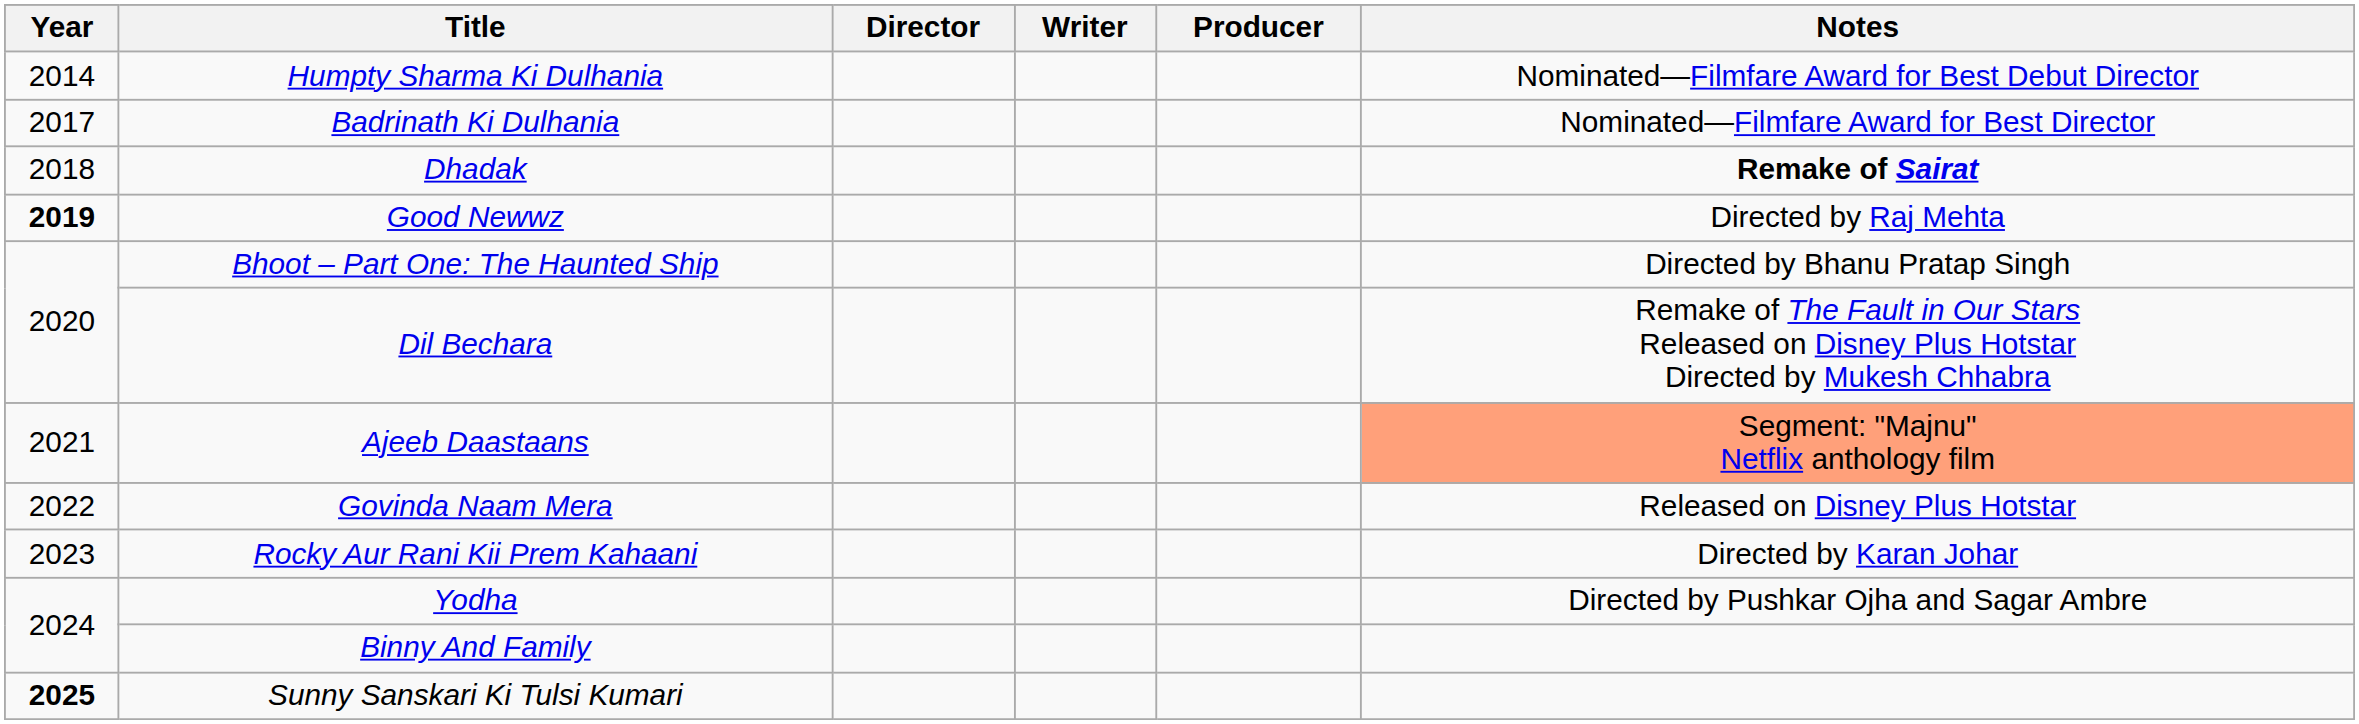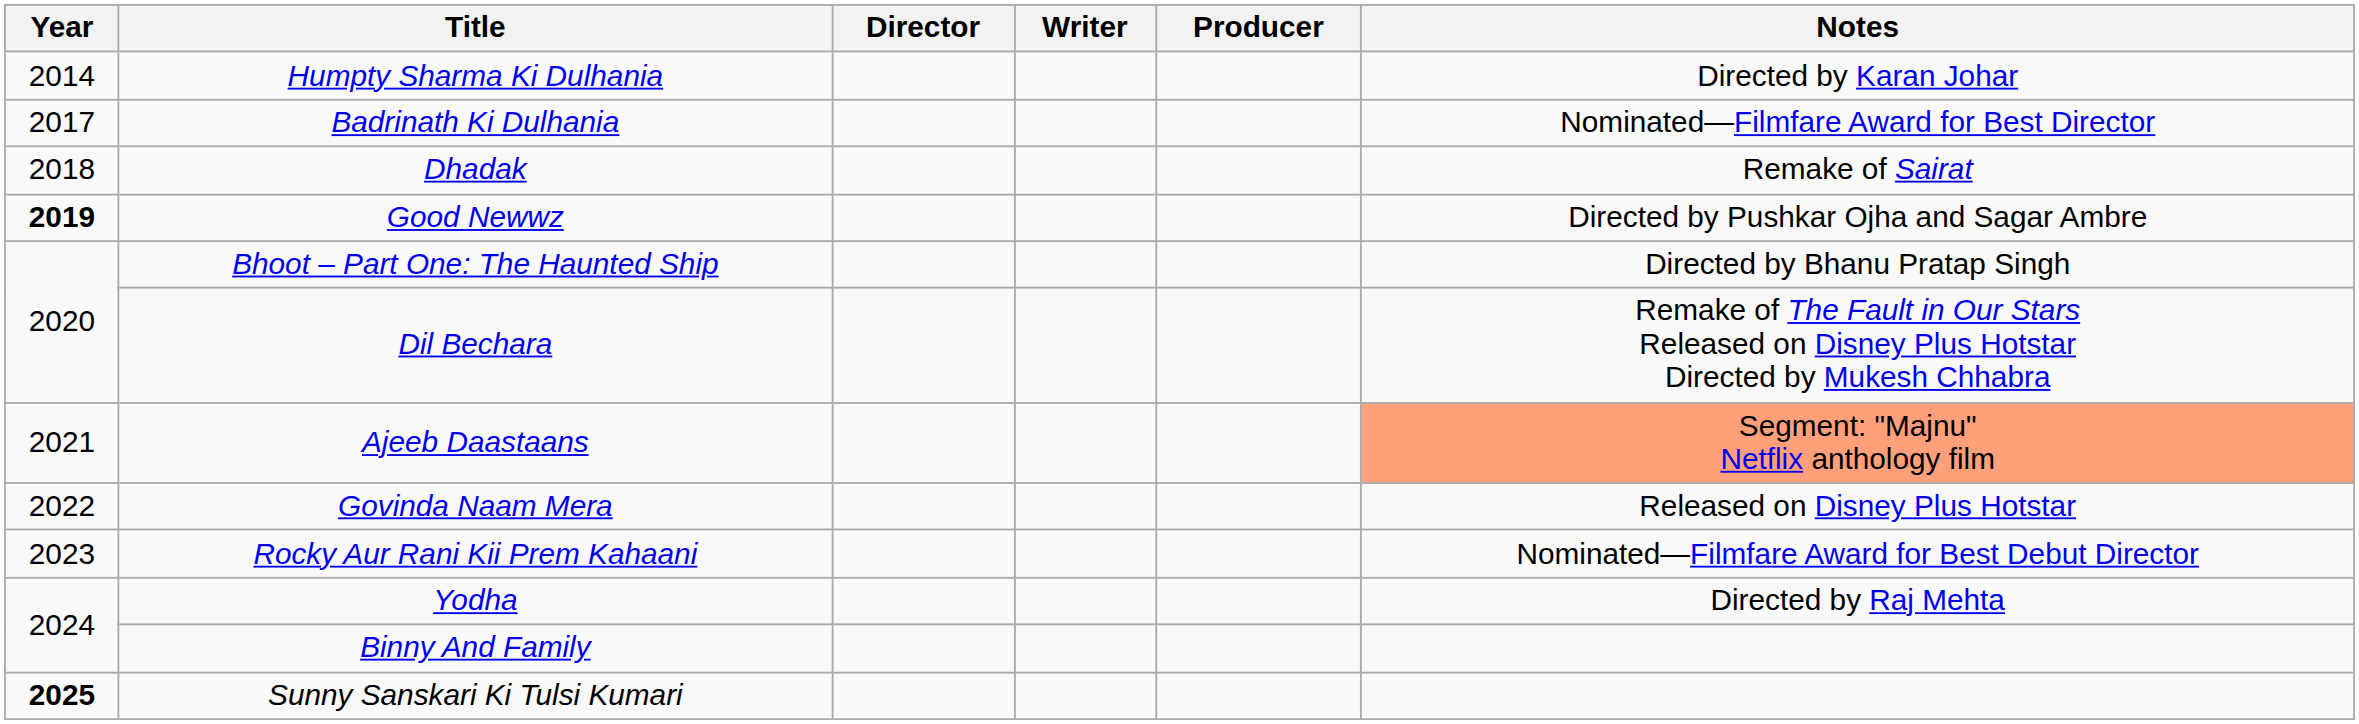 <table class="wikitable" sortable" style="width: 100%; text-align: center;">
 <tr>
 <th>Year</th>
 <th>Title</th>
 <th>Director</th>
 <th>Writer</th>
 <th>Producer</th>
 <th>Notes</th>
 </tr>
 <tr>
 <td>2014</td>
 <td><em><a href='#'>Humpty Sharma Ki Dulhania</a></em></td>
 <td></td>
 <td></td>
 <td></td>
-<td>Nominated—<a href='#'>Filmfare Award for Best Debut Director</a></td>
+<td>Directed by <a href='#'>Karan Johar</a></td>
 </tr>
 <tr>
 <td>2017</td>
 <td><em><a href='#'>Badrinath Ki Dulhania</a></em></td>
 <td></td>
 <td></td>
 <td></td>
 <td>Nominated—<a href='#'>Filmfare Award for Best Director</a></td>
 </tr>
 <tr>
 <td>2018</td>
 <td><em><a href='#'>Dhadak</a></em></td>
 <td></td>
 <td></td>
 <td></td>
-<td><strong>Remake of <em><a href='#'>Sairat</a></em></strong></td>
+<td>Remake of <em><a href='#'>Sairat</a></em></td>
 </tr>
 <tr>
 <td><strong>2019</strong></td>
 <td><em><a href='#'>Good Newwz</a></em></td>
 <td></td>
 <td></td>
 <td></td>
-<td>Directed by <a href='#'>Raj Mehta</a></td>
+<td>Directed by Pushkar Ojha and Sagar Ambre</td>
 </tr>
 <tr>
 <td rowspan="2">2020</td>
 <td><em><a href='#'>Bhoot – Part One: The Haunted Ship</a></em></td>
 <td></td>
 <td></td>
 <td></td>
 <td>Directed by Bhanu Pratap Singh</td>
 </tr>
 <tr>
 <td><em><a href='#'>Dil Bechara</a></em></td>
 <td></td>
 <td></td>
 <td></td>
 <td>Remake of <em><a href='#'>The Fault in Our Stars</a></em> <br>Released on <a href='#'>Disney Plus Hotstar</a> <br> Directed by <a href='#'>Mukesh Chhabra</a></td>
 </tr>
 <tr>
 <td>2021</td>
 <td><em><a href='#'>Ajeeb Daastaans</a></em></td>
 <td></td>
 <td></td>
 <td></td>
 <td style="background: lightsalmon;">Segment: "Majnu"<br> <a href='#'>Netflix</a> anthology film</td>
 </tr>
 <tr>
 <td>2022</td>
 <td><em><a href='#'>Govinda Naam Mera</a></em></td>
 <td></td>
 <td></td>
 <td></td>
 <td>Released on <a href='#'>Disney Plus Hotstar</a></td>
 </tr>
 <tr>
 <td>2023</td>
 <td><em><a href='#'>Rocky Aur Rani Kii Prem Kahaani</a></em></td>
 <td></td>
 <td></td>
 <td></td>
-<td>Directed by <a href='#'>Karan Johar</a></td>
+<td>Nominated—<a href='#'>Filmfare Award for Best Debut Director</a></td>
 </tr>
 <tr>
 <td rowspan="2">2024</td>
 <td><em><a href='#'>Yodha</a></em></td>
 <td></td>
 <td></td>
 <td></td>
-<td>Directed by Pushkar Ojha and Sagar Ambre</td>
+<td>Directed by <a href='#'>Raj Mehta</a></td>
 </tr>
 <tr>
 <td><em><a href='#'>Binny And Family</a></em></td>
 <td></td>
 <td></td>
 <td></td>
 <td></td>
 </tr>
 <tr>
 <td><strong>2025</strong></td>
 <td><em>Sunny Sanskari Ki Tulsi Kumari</em></td>
 <td></td>
 <td></td>
 <td></td>
 <td></td>
 </tr>
 </table>
